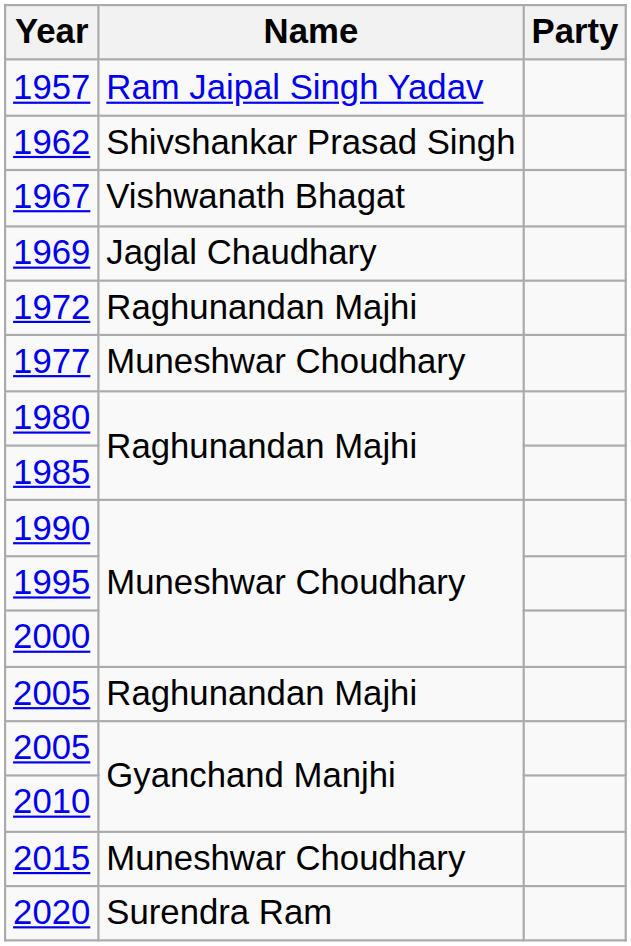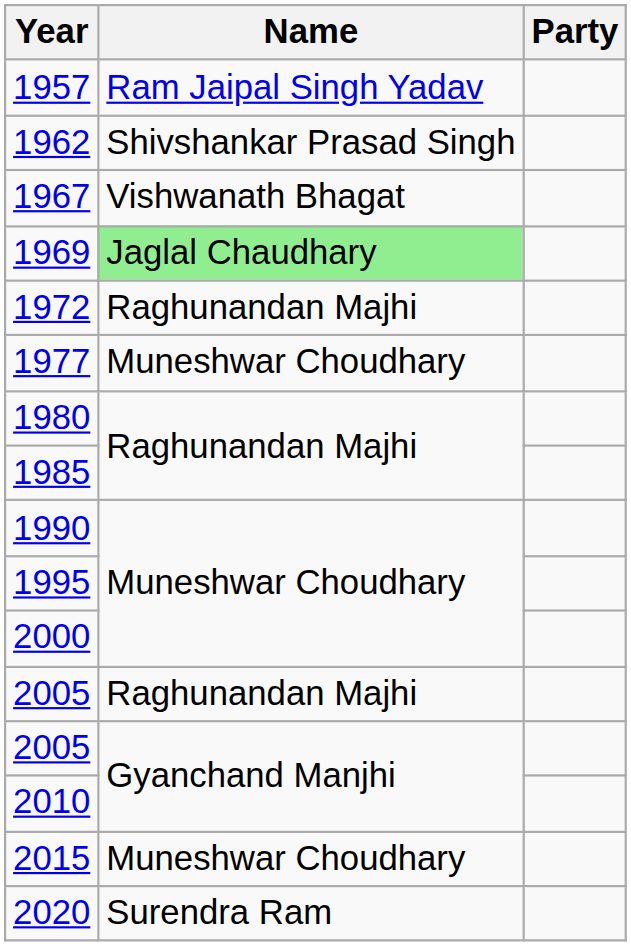 <table class="wikitable sortable">
 <tr>
 <th>Year</th>
 <th>Name</th>
 <th colspan="2">Party</th>
 </tr>
 <tr>
 <td><a href='#'>1957</a></td>
 <td><a href='#'>Ram Jaipal Singh Yadav</a></td>
 <td></td>
 </tr>
 <tr>
 <td><a href='#'>1962</a></td>
 <td>Shivshankar Prasad Singh</td>
 <td></td>
 </tr>
 <tr>
 <td><a href='#'>1967</a></td>
 <td>Vishwanath Bhagat</td>
 <td></td>
 </tr>
 <tr>
 <td><a href='#'>1969</a></td>
-<td>Jaglal Chaudhary</td>
+<td style="background: lightgreen;">Jaglal Chaudhary</td>
 <td></td>
 </tr>
 <tr>
 <td><a href='#'>1972</a></td>
 <td>Raghunandan Majhi</td>
 </tr>
 <tr>
 <td><a href='#'>1977</a></td>
 <td>Muneshwar Choudhary</td>
 <td></td>
 </tr>
 <tr>
 <td><a href='#'>1980</a></td>
 <td rowspan="2">Raghunandan Majhi</td>
 <td></td>
 </tr>
 <tr>
 <td><a href='#'>1985</a></td>
 <td></td>
 </tr>
 <tr>
 <td><a href='#'>1990</a></td>
 <td rowspan="3">Muneshwar Choudhary</td>
 <td></td>
 </tr>
 <tr>
 <td><a href='#'>1995</a></td>
 <td></td>
 </tr>
 <tr>
 <td><a href='#'>2000</a></td>
 <td></td>
 </tr>
 <tr>
 <td><a href='#'>2005</a></td>
 <td>Raghunandan Majhi</td>
 <td></td>
 </tr>
 <tr>
 <td><a href='#'>2005</a></td>
 <td rowspan="2">Gyanchand Manjhi</td>
 <td></td>
 </tr>
 <tr>
 <td><a href='#'>2010</a></td>
 </tr>
 <tr>
 <td><a href='#'>2015</a></td>
 <td>Muneshwar Choudhary</td>
 <td></td>
 </tr>
 <tr>
 <td><a href='#'>2020</a></td>
 <td>Surendra Ram</td>
 </tr>
 </table>
